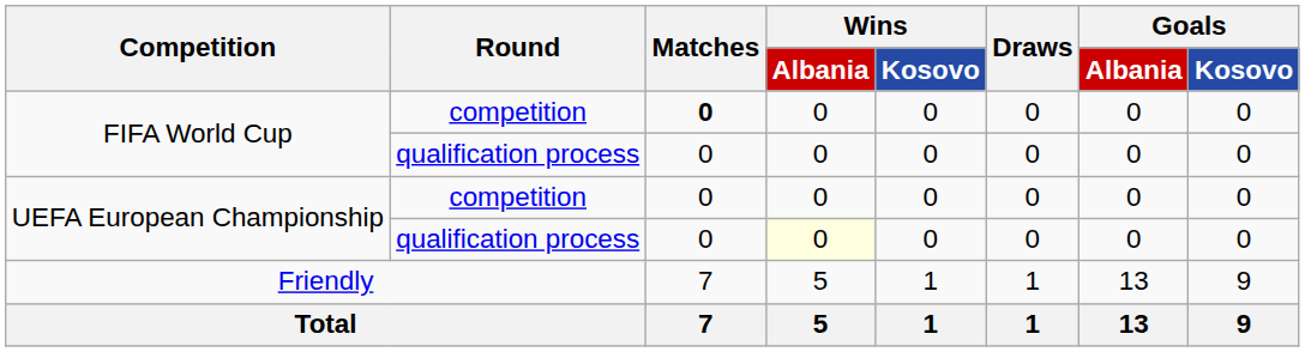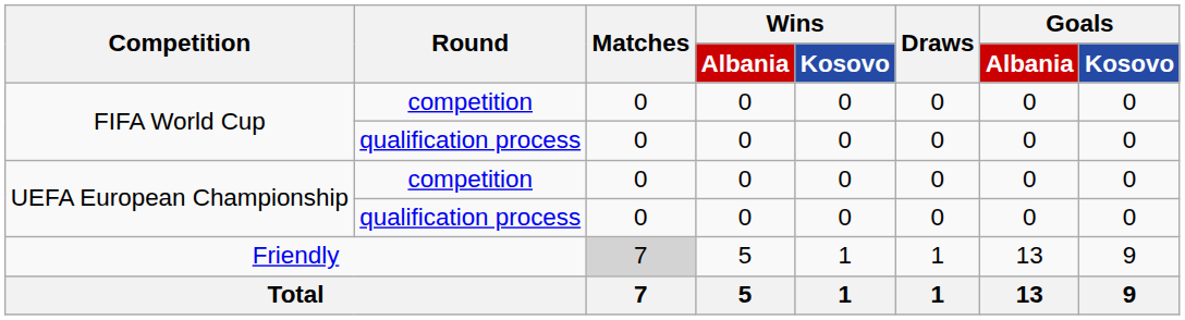 <table class="wikitable" style="text-align:center;">
 <tr>
 <th rowspan="2">Competition</th>
 <th rowspan="2">Round</th>
 <th rowspan="2">Matches</th>
 <th colspan="2">Wins</th>
 <th rowspan="2">Draws</th>
 <th colspan="2">Goals</th>
 </tr>
 <tr>
 <th style="color:#FFFFFF; background-color:#CC0001;">Albania</th>
 <th style="color:#FFFFFF; background-color:#244AA5;">Kosovo</th>
 <th style="color:#FFFFFF; background-color:#CC0001;">Albania</th>
 <th style="color:#FFFFFF; background-color:#244AA5;">Kosovo</th>
 </tr>
 <tr>
 <td rowspan="2">FIFA World Cup</td>
 <td><a href='#'>competition</a></td>
-<td><strong>0</strong></td>
+<td>0</td>
 <td>0</td>
 <td>0</td>
 <td>0</td>
 <td>0</td>
 <td>0</td>
 </tr>
 <tr>
 <td><a href='#'>qualification process</a></td>
 <td>0</td>
 <td>0</td>
 <td>0</td>
 <td>0</td>
 <td>0</td>
 <td>0</td>
 </tr>
 <tr>
 <td rowspan="2">UEFA European Championship</td>
 <td><a href='#'>competition</a></td>
 <td>0</td>
 <td>0</td>
 <td>0</td>
 <td>0</td>
 <td>0</td>
 <td>0</td>
 </tr>
 <tr>
 <td><a href='#'>qualification process</a></td>
 <td>0</td>
-<td style="background: lightyellow;">0</td>
+<td>0</td>
 <td>0</td>
 <td>0</td>
 <td>0</td>
 <td>0</td>
 </tr>
 <tr>
 <td colspan="2"><a href='#'>Friendly</a></td>
-<td>7</td>
+<td style="background: lightgrey;">7</td>
 <td>5</td>
 <td>1</td>
 <td>1</td>
 <td>13</td>
 <td>9</td>
 </tr>
 <tr>
 <th colspan="2"><strong>Total</strong></th>
 <th>7</th>
 <th>5</th>
 <th>1</th>
 <th>1</th>
 <th>13</th>
 <th>9</th>
 </tr>
 </table>
